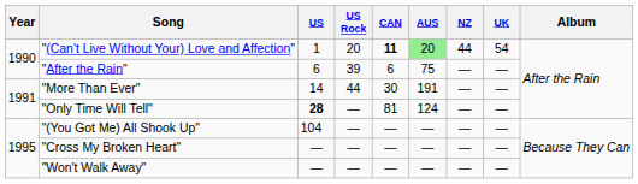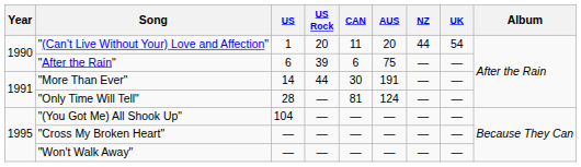 <table class="wikitable">
 <tr>
 <th>Year</th>
 <th>Song</th>
 <th width="40"><small><a href='#'>US</a></small></th>
 <th width="40"><small><a href='#'>US<br>Rock</a></small></th>
 <th width="40"><small><a href='#'>CAN</a></small></th>
 <th width="40"><small><a href='#'>AUS</a></small><br></th>
 <th width="40"><small><a href='#'>NZ</a></small></th>
 <th width="40"><small><a href='#'>UK</a></small><br></th>
 <th>Album</th>
 </tr>
 <tr>
 <td rowspan="2">1990</td>
 <td>"<a href='#'>(Can't Live Without Your) Love and Affection</a>"</td>
 <td align="center">1</td>
 <td align="center">20</td>
-<td align="center"><strong>11</strong></td>
-<td align="center" style="background: lightgreen;">20</td>
+<td align="center">11</td>
+<td align="center">20</td>
 <td align="center">44</td>
 <td align="center">54</td>
 <td rowspan="4"><em>After the Rain</em></td>
 </tr>
 <tr>
 <td>"<a href='#'>After the Rain</a>"</td>
 <td align="center">6</td>
 <td align="center">39</td>
 <td align="center">6</td>
 <td align="center">75</td>
 <td align="center">—</td>
 <td align="center">—</td>
 </tr>
 <tr>
 <td rowspan="2">1991</td>
 <td>"More Than Ever"</td>
 <td align="center">14</td>
 <td align="center">44</td>
 <td align="center">30</td>
 <td align="center">191</td>
 <td align="center">—</td>
 <td align="center">—</td>
 </tr>
 <tr>
 <td>"Only Time Will Tell"</td>
-<td align="center"><strong>28</strong></td>
+<td align="center">28</td>
 <td align="center">—</td>
 <td align="center">81</td>
 <td align="center">124</td>
 <td align="center">—</td>
 <td align="center">—</td>
 </tr>
 <tr>
 <td rowspan="3">1995</td>
 <td>"(You Got Me) All Shook Up"</td>
 <td>104</td>
 <td align="center">—</td>
 <td align="center">—</td>
 <td align="center">—</td>
 <td align="center">—</td>
 <td align="center">—</td>
 <td rowspan="3"><em>Because They Can</em></td>
 </tr>
 <tr>
 <td>"Cross My Broken Heart"</td>
 <td align="center">—</td>
 <td align="center">—</td>
 <td align="center">—</td>
 <td align="center">—</td>
 <td align="center">—</td>
 <td align="center">—</td>
 </tr>
 <tr>
 <td>"Won't Walk Away"</td>
 <td align="center">—</td>
 <td align="center">—</td>
 <td align="center">—</td>
 <td align="center">—</td>
 <td align="center">—</td>
 <td align="center">—</td>
 </tr>
 </table>
